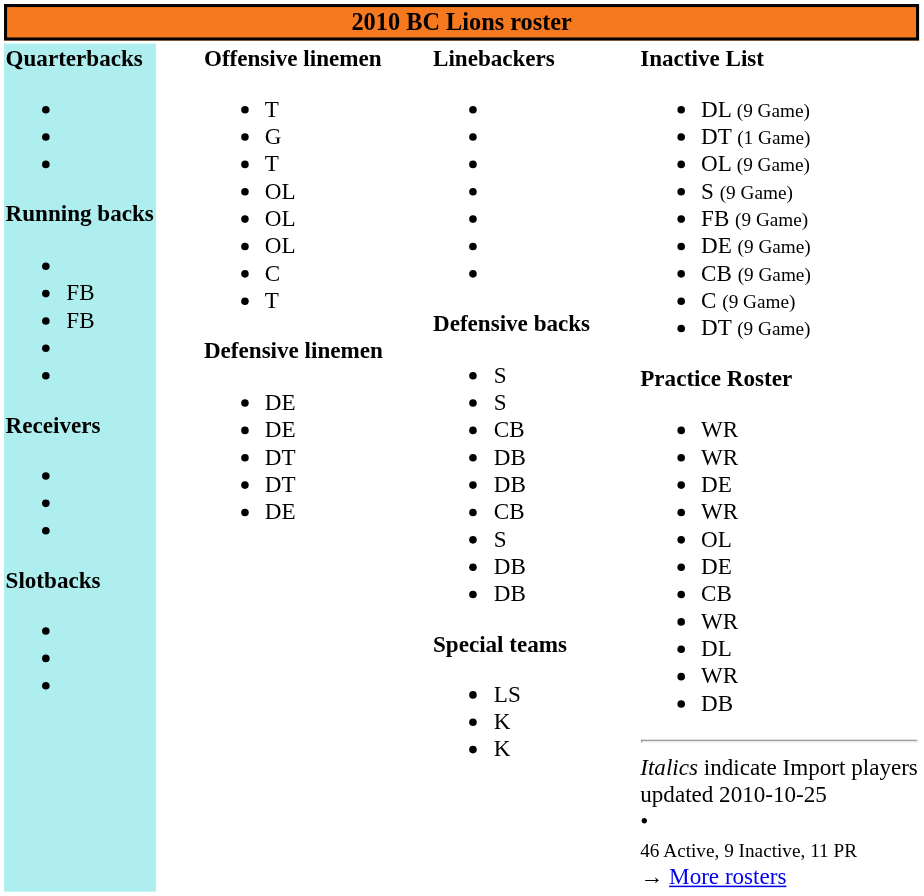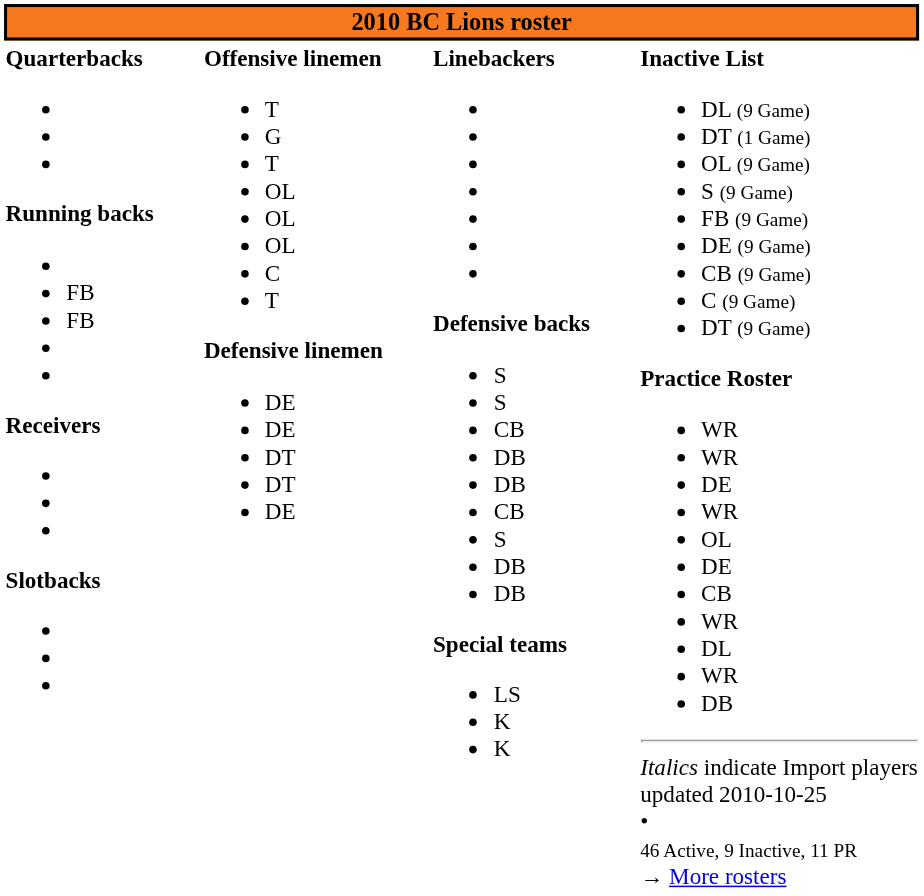 <table class="toccolours" style="text-align: left;">
 <tr>
 <th colspan="7" style="background:#f6791f; color:black; border:2px solid black;text-align:center;">2010 BC Lions roster</th>
 </tr>
 <tr>
-<td style="background: paleturquoise; font-size:95%; vertical-align:top;"><strong>Quarterbacks</strong><br><ul><li></li><li></li><li></li></ul><strong>Running backs</strong><ul><li></li><li> FB</li><li> FB</li><li></li><li></li></ul><strong>Receivers</strong><ul><li></li><li></li><li></li></ul><strong>Slotbacks</strong><ul><li></li><li></li><li></li></ul></td>
+<td style="font-size:95%; vertical-align:top;"><strong>Quarterbacks</strong><br><ul><li></li><li></li><li></li></ul><strong>Running backs</strong><ul><li></li><li> FB</li><li> FB</li><li></li><li></li></ul><strong>Receivers</strong><ul><li></li><li></li><li></li></ul><strong>Slotbacks</strong><ul><li></li><li></li><li></li></ul></td>
 <td style="width: 25px;"></td>
 <td style="font-size:95%; vertical-align:top;"><strong>Offensive linemen</strong><br><ul><li> T</li><li> G</li><li> T</li><li> OL</li><li> OL</li><li> OL</li><li> C</li><li> T</li></ul><strong>Defensive linemen</strong><ul><li> DE</li><li> DE</li><li> DT</li><li> DT</li><li> DE</li></ul></td>
 <td style="width: 25px;"></td>
 <td style="font-size:95%; vertical-align:top;"><strong>Linebackers</strong><br><ul><li></li><li></li><li></li><li></li><li></li><li></li><li></li></ul><strong>Defensive backs</strong><ul><li> S</li><li> S</li><li> CB</li><li> DB</li><li> DB</li><li> CB</li><li> S</li><li> DB</li><li> DB</li></ul><strong>Special teams</strong><ul><li> LS</li><li> K</li><li> K</li></ul></td>
 <td style="width: 25px;"></td>
 <td style="font-size:95%; vertical-align:top;"><strong>Inactive List</strong><br><ul><li> DL  <small>(9 Game)</small></li><li> DT  <small>(1 Game)</small></li><li> OL  <small>(9 Game)</small></li><li> S  <small>(9 Game)</small></li><li> FB  <small>(9 Game)</small></li><li> DE  <small>(9 Game)</small></li><li> CB  <small>(9 Game)</small></li><li> C  <small>(9 Game)</small></li><li> DT  <small>(9 Game)</small></li></ul><strong>Practice Roster</strong><ul><li> WR</li><li> WR</li><li> DE</li><li> WR</li><li> OL</li><li> DE</li><li> CB</li><li> WR</li><li> DL</li><li> WR</li><li> DB</li></ul><hr> <em>Italics</em> indicate Import players<br> <span></span> updated 2010-10-25<br> <span></span> • <span></span><br> <small>46 Active, 9 Inactive, 11 PR</small><br>→ <a href='#'>More rosters</a></td>
 </tr>
 </table>
